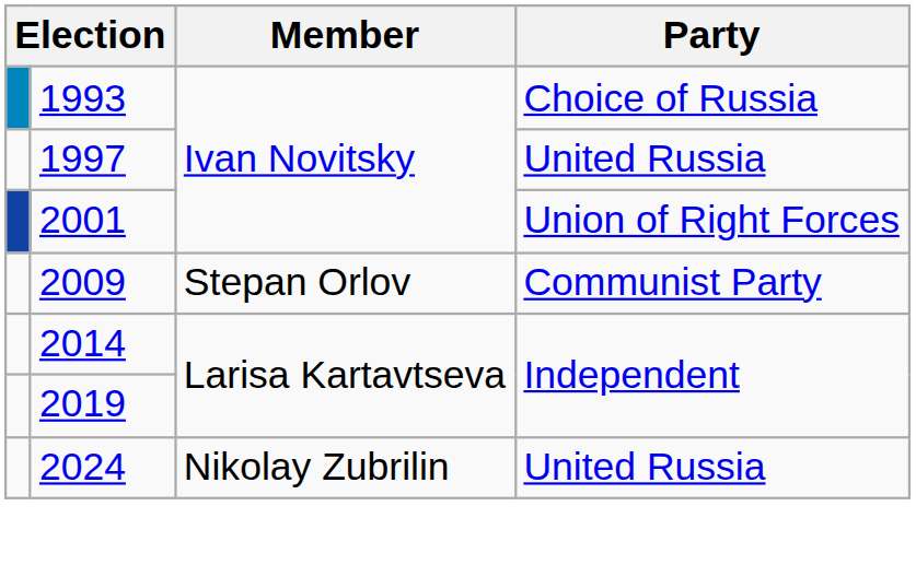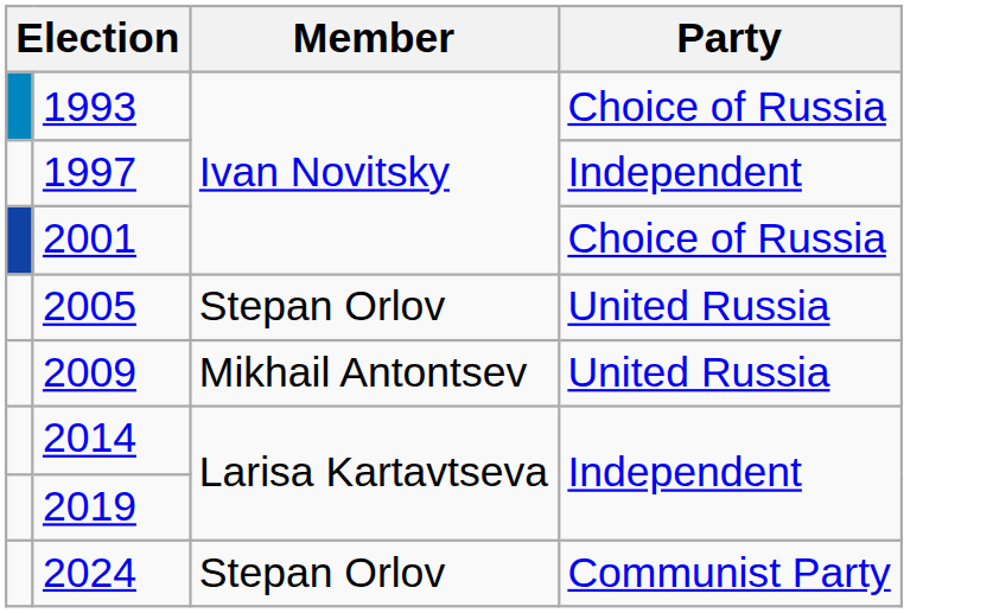 <table class="wikitable">
 <tr>
 <th colspan="2">Election</th>
 <th>Member</th>
 <th>Party</th>
 </tr>
 <tr>
 <td style="background-color:#0085BE"></td>
 <td><a href='#'>1993</a></td>
 <td rowspan=3><a href='#'>Ivan Novitsky</a></td>
 <td><a href='#'>Choice of Russia</a></td>
 </tr>
 <tr>
 <td style="background-color:"></td>
 <td><a href='#'>1997</a></td>
-<td><a href='#'>United Russia</a></td>
+<td><a href='#'>Independent</a></td>
 </tr>
 <tr>
 <td style="background-color:#1042A5"></td>
 <td><a href='#'>2001</a></td>
-<td><a href='#'>Union of Right Forces</a></td>
+<td><a href='#'>Choice of Russia</a></td>
+</tr>
+<tr>
+<td style="background-color:"></td>
+<td><a href='#'>2005</a></td>
+<td>Stepan Orlov</td>
+<td><a href='#'>United Russia</a></td>
 </tr>
 <tr>
 <td style="background-color:"></td>
 <td><a href='#'>2009</a></td>
-<td>Stepan Orlov</td>
-<td><a href='#'>Communist Party</a></td>
+<td>Mikhail Antontsev</td>
+<td><a href='#'>United Russia</a></td>
 </tr>
 <tr>
 <td style="background-color:"></td>
 <td><a href='#'>2014</a></td>
 <td rowspan=2>Larisa Kartavtseva</td>
 <td rowspan=2><a href='#'>Independent</a></td>
 </tr>
 <tr>
 <td style="background-color:"></td>
 <td><a href='#'>2019</a></td>
 </tr>
 <tr>
 <td style="background-color:"></td>
 <td><a href='#'>2024</a></td>
-<td>Nikolay Zubrilin</td>
-<td><a href='#'>United Russia</a></td>
+<td>Stepan Orlov</td>
+<td><a href='#'>Communist Party</a></td>
 </tr>
 </table>
